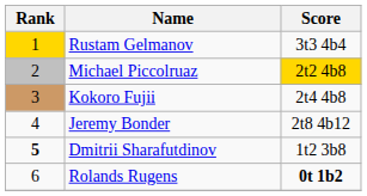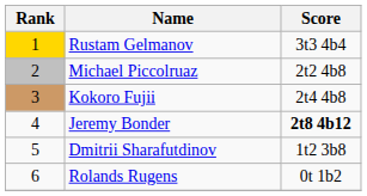 <table class="wikitable">
 <tr>
 <th width = "50">Rank</th>
 <th width = "200">Name</th>
 <th width = "70">Score</th>
 </tr>
 <tr>
 <td align="center" style="background: gold">1</td>
 <td> <a href='#'>Rustam Gelmanov</a></td>
 <td align="center">3t3 4b4</td>
 </tr>
 <tr>
 <td align="center" style="background: silver">2</td>
 <td> <a href='#'>Michael Piccolruaz</a></td>
-<td align="center" style="background: gold;">2t2 4b8</td>
+<td align="center">2t2 4b8</td>
 </tr>
 <tr>
 <td align="center" style="background: #cc9966">3</td>
 <td> <a href='#'>Kokoro Fujii</a></td>
 <td align="center">2t4 4b8</td>
 </tr>
 <tr>
 <td align="center">4</td>
 <td> <a href='#'>Jeremy Bonder</a></td>
-<td align="center">2t8 4b12</td>
+<td align="center"><strong>2t8 4b12</strong></td>
 </tr>
 <tr>
-<td align="center"><strong>5</strong></td>
+<td align="center">5</td>
 <td> <a href='#'>Dmitrii Sharafutdinov</a></td>
 <td align="center">1t2 3b8</td>
 </tr>
 <tr>
 <td align="center">6</td>
 <td> <a href='#'>Rolands Rugens</a></td>
-<td align="center"><strong>0t 1b2</strong></td>
+<td align="center">0t 1b2</td>
 </tr>
 <tr>
 </tr>
 </table>
